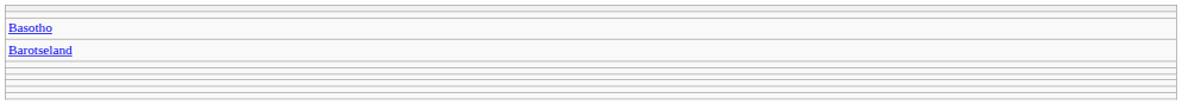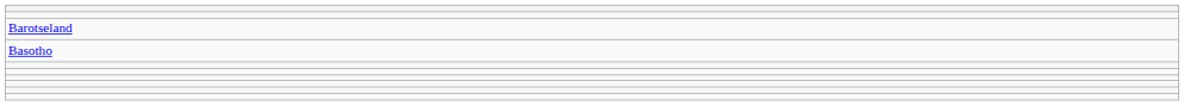 <table class="wikitable" style="font-size:90%" width=100%>
 <tr>
 <th scope="col"></th>
 </tr>
 <tr>
 <td></td>
 </tr>
 <tr>
-<td> <a href='#'>Basotho</a></td>
+<td> <a href='#'>Barotseland</a></td>
 </tr>
 <tr>
-<td> <a href='#'>Barotseland</a></td>
+<td> <a href='#'>Basotho</a></td>
 </tr>
 <tr>
 <td></td>
 </tr>
 <tr>
 <td></td>
 </tr>
 <tr>
 <td></td>
 </tr>
 <tr>
 <td></td>
 </tr>
 <tr>
 <td></td>
 </tr>
 <tr>
 <td></td>
 </tr>
 </table>
